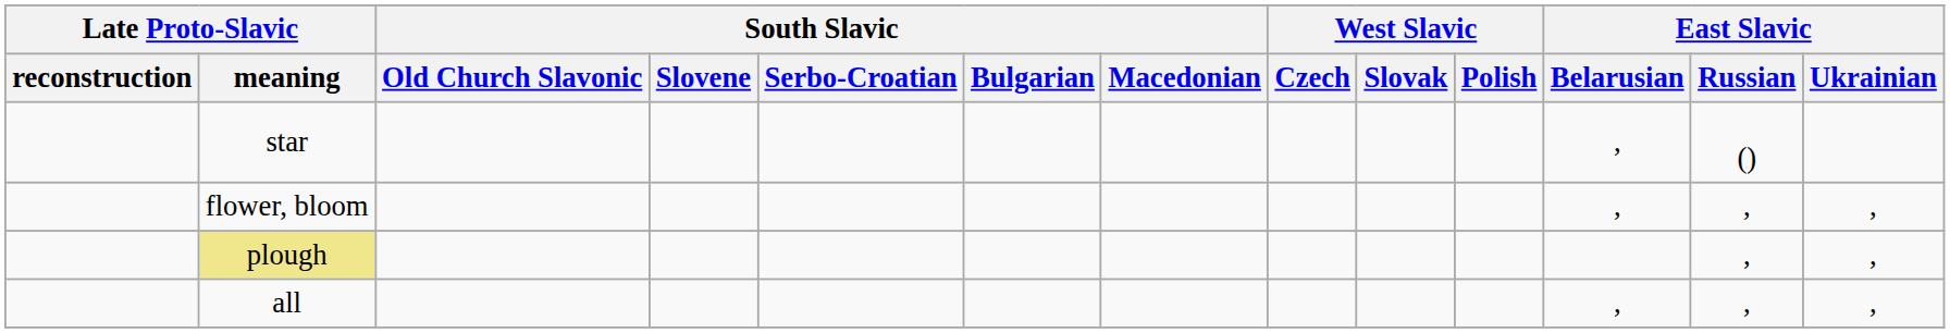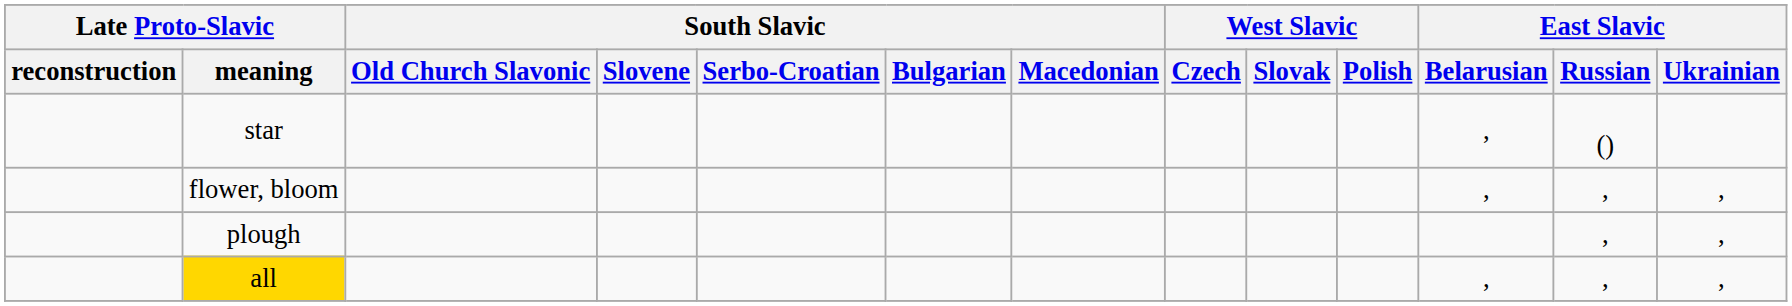 <table class="wikitable" style="font-size: 90%; text-align:center">
 <tr>
 <th colspan=2>Late <a href='#'>Proto-Slavic</a></th>
 <th colspan=5>South Slavic</th>
 <th colspan=3><a href='#'>West Slavic</a></th>
 <th colspan=3><a href='#'>East Slavic</a></th>
 </tr>
 <tr>
 <th c=psl>reconstruction</th>
 <th c=m>meaning</th>
 <th c=cu><a href='#'>Old Church Slavonic</a></th>
 <th c=sl><a href='#'>Slovene</a></th>
 <th c=sh><a href='#'>Serbo-Croatian</a></th>
 <th c=bg><a href='#'>Bulgarian</a></th>
 <th c=mk><a href='#'>Macedonian</a></th>
 <th c=cs><a href='#'>Czech</a></th>
 <th c=sk><a href='#'>Slovak</a></th>
 <th c=pl><a href='#'>Polish</a></th>
 <th c=be><a href='#'>Belarusian</a></th>
 <th c=ru><a href='#'>Russian</a></th>
 <th c=uk><a href='#'>Ukrainian</a></th>
 </tr>
 <tr>
 <td c=psl></td>
 <td c=mean>star</td>
 <td c=cu></td>
 <td c=sl></td>
 <td c=sh><br></td>
 <td c=bg></td>
 <td c=mk></td>
 <td c=cs></td>
 <td c=sk></td>
 <td c=pl></td>
 <td c=be>,<br></td>
 <td c=ru><br>()</td>
 <td c=uk></td>
 </tr>
 <tr>
 <td c=psl></td>
 <td c=mean>flower, bloom</td>
 <td c=cu></td>
 <td c=sl></td>
 <td c=sh><br></td>
 <td c=bg></td>
 <td c=mk></td>
 <td c=cs></td>
 <td c=sk></td>
 <td c=pl></td>
 <td c=be>,<br></td>
 <td c=ru>,<br></td>
 <td c=uk>,<br></td>
 </tr>
 <tr>
 <td c=psl></td>
-<td c=mean style="background: khaki;">plough</td>
+<td c=mean>plough</td>
 <td c=cu></td>
 <td c=sl></td>
 <td c=sh><br></td>
 <td c=bg></td>
 <td c=mk></td>
 <td c=cs></td>
 <td c=sk></td>
 <td c=pl></td>
 <td c=be></td>
 <td c=ru>,<br></td>
 <td c=uk>,<br></td>
 </tr>
 <tr>
 <td c=psl></td>
-<td c=mean>all</td>
+<td c=mean style="background: gold;">all</td>
 <td c=cu></td>
 <td c=sl></td>
 <td c=sh><br></td>
 <td c=bg></td>
 <td c=mk></td>
 <td c=cs></td>
 <td c=sk></td>
 <td c=pl></td>
 <td c=be>,<br></td>
 <td c=ru>,<br></td>
 <td c=uk>,<br></td>
 </tr>
 </table>
